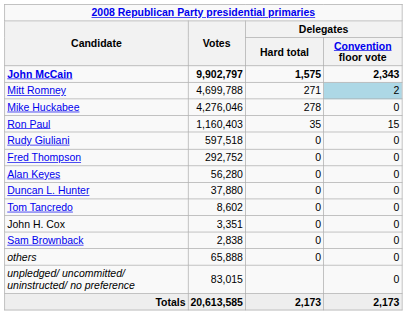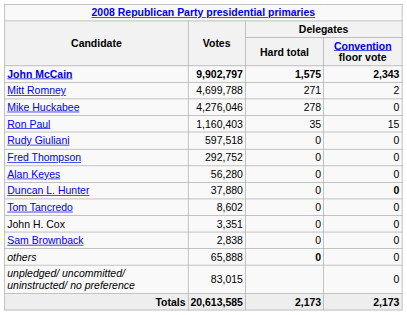 <table class="wikitable" style="text-align:left;margin-left:1em; font-size:95%">
 <tr>
 <td colspan="8" style="text-align:center;"><strong><a href='#'>2008 Republican Party presidential primaries</a></strong></td>
 </tr>
 <tr style="background:#eee; text-align:center;">
 <th rowspan=2 style="width: 17em">Candidate</th>
 <th rowspan=2 style="width: 5em">Votes</th>
 <th colspan=2 style="width: 7em">Delegates</th>
 </tr>
 <tr>
 <th style="width: 7em">Hard total</th>
 <th style="width: 7em"><a href='#'>Convention</a> floor vote</th>
 </tr>
 <tr>
 <td><strong><a href='#'>John McCain</a></strong></td>
 <td style="text-align:right;"><strong>9,902,797</strong></td>
 <td style="text-align:right;"><strong>1,575</strong></td>
 <td style="text-align:right;"><strong>2,343</strong></td>
 </tr>
 <tr>
 <td><a href='#'>Mitt Romney</a></td>
 <td style="text-align:right;">4,699,788</td>
 <td style="text-align:right;">271</td>
-<td style="background: lightblue; text-align:right;">2</td>
+<td style="text-align:right;">2</td>
 </tr>
 <tr>
 <td><a href='#'>Mike Huckabee</a></td>
 <td style="text-align:right;">4,276,046</td>
 <td style="text-align:right;">278</td>
 <td style="text-align:right;">0</td>
 </tr>
 <tr>
 <td><a href='#'>Ron Paul</a></td>
 <td style="text-align:right;">1,160,403</td>
 <td style="text-align:right;">35</td>
 <td style="text-align:right;">15</td>
 </tr>
 <tr>
 <td><a href='#'>Rudy Giuliani</a></td>
 <td style="text-align:right;">597,518</td>
 <td style="text-align:right;">0</td>
 <td style="text-align:right;">0</td>
 </tr>
 <tr>
 <td><a href='#'>Fred Thompson</a></td>
 <td style="text-align:right;">292,752</td>
 <td style="text-align:right;">0</td>
 <td style="text-align:right;">0</td>
 </tr>
 <tr>
 <td><a href='#'>Alan Keyes</a></td>
 <td style="text-align:right;">56,280</td>
 <td style="text-align:right;">0</td>
 <td style="text-align:right;">0</td>
 </tr>
 <tr>
 <td><a href='#'>Duncan L. Hunter</a></td>
 <td style="text-align:right;">37,880</td>
 <td style="text-align:right;">0</td>
-<td style="text-align:right;">0</td>
+<td style="text-align:right;"><strong>0</strong></td>
 </tr>
 <tr>
 <td><a href='#'>Tom Tancredo</a></td>
 <td style="text-align:right;">8,602</td>
 <td style="text-align:right;">0</td>
 <td style="text-align:right;">0</td>
 </tr>
 <tr>
 <td>John H. Cox</td>
 <td style="text-align:right;">3,351</td>
 <td style="text-align:right;">0</td>
 <td style="text-align:right;">0</td>
 </tr>
 <tr>
 <td><a href='#'>Sam Brownback</a></td>
 <td style="text-align:right;">2,838</td>
 <td style="text-align:right;">0</td>
 <td style="text-align:right;">0</td>
 </tr>
 <tr>
 <td><em>others</em></td>
 <td style="text-align:right;">65,888</td>
-<td style="text-align:right;">0</td>
+<td style="text-align:right;"><strong>0</strong></td>
 <td style="text-align:right;">0</td>
 </tr>
 <tr>
 <td><em>unpledged/ uncommitted/ uninstructed/ no preference</em></td>
 <td style="text-align:right;">83,015</td>
 <td style="text-align:right;"></td>
 <td style="text-align:right;">0</td>
 </tr>
 <tr style="background:#eee; text-align:right;">
 <td><strong>Totals</strong></td>
 <td><strong>20,613,585</strong></td>
 <td><strong>2,173</strong></td>
 <td><strong>2,173</strong></td>
 </tr>
 </table>
